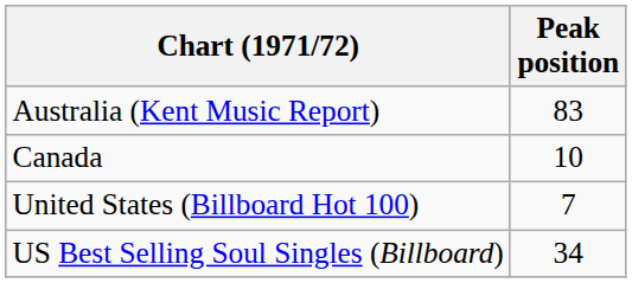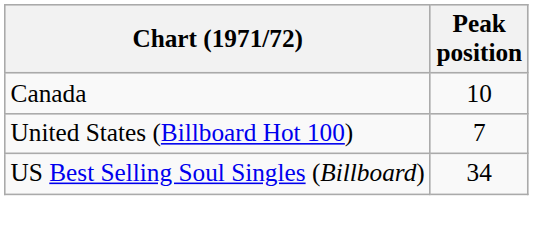 <table class="wikitable">
 <tr>
 <th scope="col">Chart (1971/72)</th>
 <th>Peak<br>position</th>
-</tr>
-<tr>
-<td>Australia (<a href='#'>Kent Music Report</a>)</td>
-<td style="text-align:center;">83</td>
 </tr>
 <tr>
 <td>Canada</td>
 <td style="text-align:center;">10</td>
 </tr>
 <tr>
 <td>United States (<a href='#'>Billboard Hot 100</a>)</td>
 <td style="text-align:center;">7</td>
 </tr>
 <tr>
 <td>US <a href='#'>Best Selling Soul Singles</a> (<em>Billboard</em>)</td>
 <td align="center">34</td>
 </tr>
 </table>
